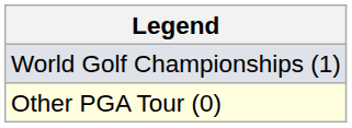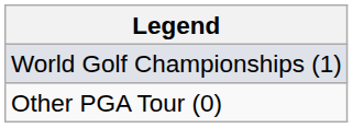 <table class="wikitable" style="font-size:95%;">
 <tr>
 <th>Legend</th>
 </tr>
 <tr style="background:#dfe2e9;">
 <td>World Golf Championships (1)</td>
 </tr>
 <tr>
-<td style="background: lightyellow;">Other PGA Tour (0)</td>
+<td>Other PGA Tour (0)</td>
 </tr>
 </table>
